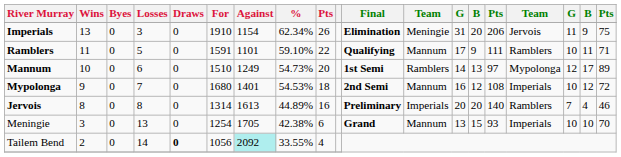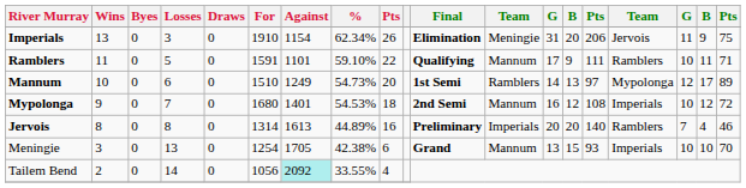 <table style="font-size: 85%; text-align: left;" class="wikitable">
 <tr>
 <th style="color:crimson">River Murray</th>
 <th style="color:crimson">Wins</th>
 <th style="color:crimson">Byes</th>
 <th style="color:crimson">Losses</th>
 <th style="color:crimson">Draws</th>
 <th style="color:crimson">For</th>
 <th style="color:crimson">Against</th>
 <th style="color:crimson">%</th>
 <th style="color:crimson">Pts</th>
 <th></th>
 <th style="color:green">Final</th>
 <th style="color:green">Team</th>
 <th style="color:green">G</th>
 <th style="color:green">B</th>
 <th style="color:green">Pts</th>
 <th style="color:green">Team</th>
 <th style="color:green">G</th>
 <th style="color:green">B</th>
 <th style="color:green">Pts</th>
 </tr>
 <tr>
 </tr>
 <tr>
 </tr>
 <tr>
 <td><strong>	Imperials	</strong></td>
 <td>13</td>
 <td>0</td>
 <td>3</td>
 <td>0</td>
 <td>1910</td>
 <td>1154</td>
 <td>62.34%</td>
 <td>26</td>
 <td></td>
 <td><strong>Elimination</strong></td>
 <td>Meningie</td>
 <td>31</td>
 <td>20</td>
 <td>206</td>
 <td>Jervois</td>
 <td>11</td>
 <td>9</td>
 <td>75</td>
 </tr>
 <tr>
 <td><strong>	Ramblers	</strong></td>
 <td>11</td>
 <td>0</td>
 <td>5</td>
 <td>0</td>
 <td>1591</td>
 <td>1101</td>
 <td>59.10%</td>
 <td>22</td>
 <td></td>
 <td><strong>Qualifying</strong></td>
 <td>Mannum</td>
 <td>17</td>
 <td>9</td>
 <td>111</td>
 <td>Ramblers</td>
 <td>10</td>
 <td>11</td>
 <td>71</td>
 </tr>
 <tr>
 <td><strong>	Mannum	</strong></td>
 <td>10</td>
 <td>0</td>
 <td>6</td>
 <td>0</td>
 <td>1510</td>
 <td>1249</td>
 <td>54.73%</td>
 <td>20</td>
 <td></td>
 <td><strong>1st Semi</strong></td>
 <td>Ramblers</td>
 <td>14</td>
 <td>13</td>
 <td>97</td>
 <td>Mypolonga</td>
 <td>12</td>
 <td>17</td>
 <td>89</td>
 </tr>
 <tr>
 <td><strong>	Mypolonga	</strong></td>
 <td>9</td>
 <td>0</td>
 <td>7</td>
 <td>0</td>
 <td>1680</td>
 <td>1401</td>
 <td>54.53%</td>
 <td>18</td>
 <td></td>
 <td><strong>2nd Semi</strong></td>
 <td>Mannum</td>
 <td>16</td>
 <td>12</td>
 <td>108</td>
 <td>Imperials</td>
 <td>10</td>
 <td>12</td>
 <td>72</td>
 </tr>
 <tr ||>
 <td><strong>	Jervois	</strong></td>
 <td>8</td>
 <td>0</td>
 <td>8</td>
 <td>0</td>
 <td>1314</td>
 <td>1613</td>
 <td>44.89%</td>
 <td>16</td>
 <td></td>
 <td><strong>Preliminary</strong></td>
 <td>Imperials</td>
 <td>20</td>
 <td>20</td>
 <td>140</td>
 <td>Ramblers</td>
 <td>7</td>
 <td>4</td>
 <td>46</td>
 </tr>
 <tr>
 <td>Meningie</td>
 <td>3</td>
 <td>0</td>
 <td>13</td>
 <td>0</td>
 <td>1254</td>
 <td>1705</td>
 <td>42.38%</td>
 <td>6</td>
 <td></td>
 <td><strong>Grand</strong></td>
 <td>Mannum</td>
 <td>13</td>
 <td>15</td>
 <td>93</td>
 <td>Imperials</td>
 <td>10</td>
 <td>10</td>
 <td>70</td>
 </tr>
 <tr>
 <td>Tailem Bend</td>
 <td>2</td>
 <td>0</td>
 <td>14</td>
-<td><strong>0</strong></td>
+<td>0</td>
 <td>1056</td>
 <td style="background: paleturquoise;">2092</td>
 <td>33.55%</td>
 <td>4</td>
 <td></td>
 </tr>
 <tr>
 </tr>
 </table>
